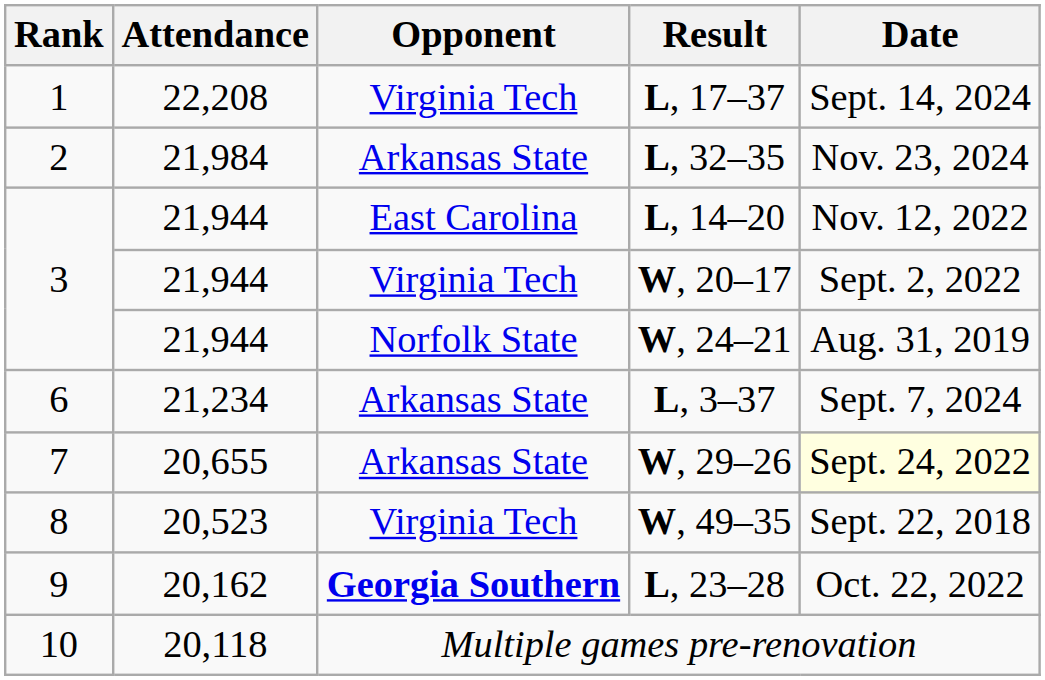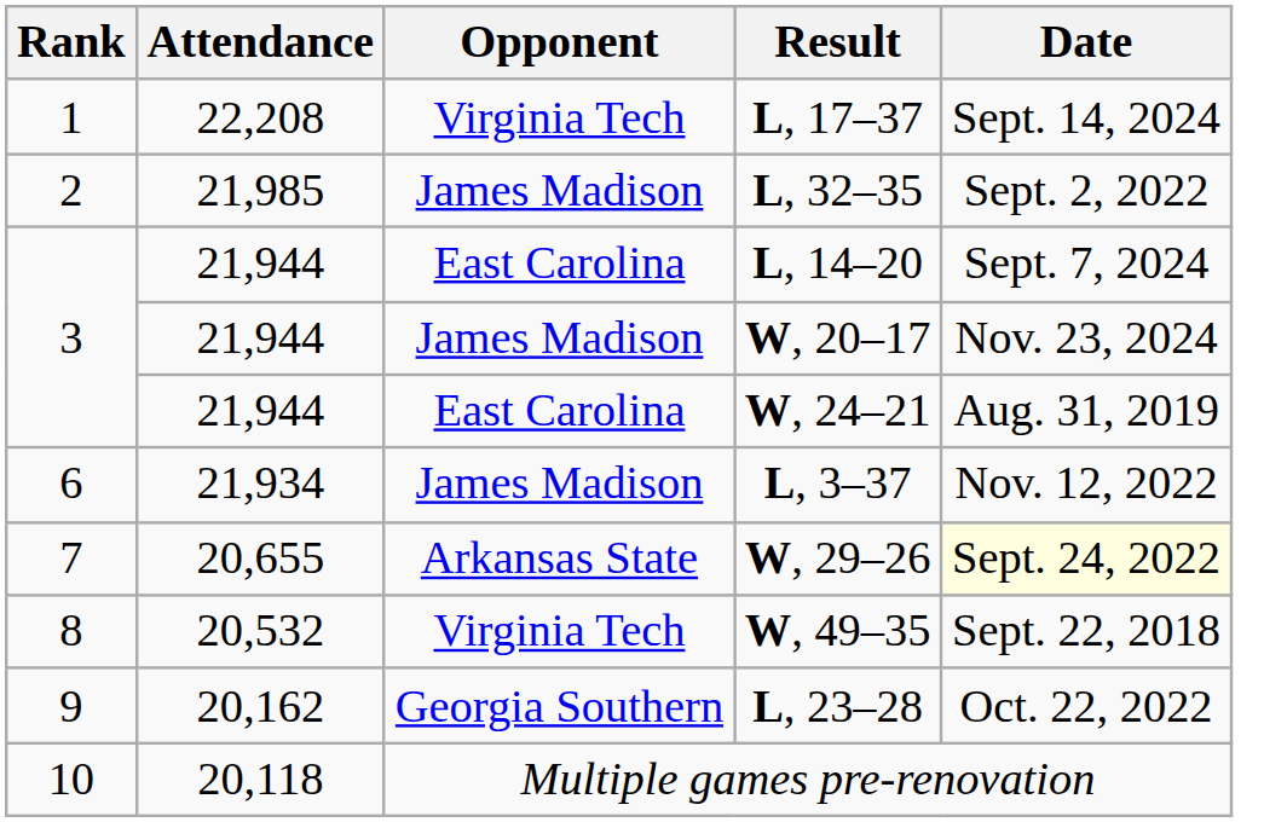 <table class=wikitable style="text-align:center">
 <tr>
 <th>Rank</th>
 <th>Attendance</th>
 <th>Opponent</th>
 <th>Result</th>
 <th>Date</th>
 </tr>
 <tr>
 <td>1</td>
 <td>22,208</td>
 <td><a href='#'>Virginia Tech</a></td>
 <td><strong>L</strong>, 17–37</td>
 <td>Sept. 14, 2024</td>
 </tr>
 <tr>
 <td>2</td>
-<td>21,984</td>
-<td><a href='#'>Arkansas State</a></td>
+<td>21,985</td>
+<td><a href='#'>James Madison</a></td>
 <td><strong>L</strong>, 32–35</td>
-<td>Nov. 23, 2024</td>
+<td>Sept. 2, 2022</td>
 </tr>
 <tr>
 <td rowspan="3">3</td>
 <td>21,944</td>
 <td><a href='#'>East Carolina</a></td>
 <td><strong>L</strong>, 14–20</td>
-<td>Nov. 12, 2022</td>
+<td>Sept. 7, 2024</td>
 </tr>
 <tr>
 <td>21,944</td>
-<td><a href='#'>Virginia Tech</a></td>
+<td><a href='#'>James Madison</a></td>
 <td><strong>W</strong>, 20–17</td>
-<td>Sept. 2, 2022</td>
+<td>Nov. 23, 2024</td>
 </tr>
 <tr>
 <td>21,944</td>
-<td><a href='#'>Norfolk State</a></td>
+<td><a href='#'>East Carolina</a></td>
 <td><strong>W</strong>, 24–21</td>
 <td>Aug. 31, 2019</td>
 </tr>
 <tr>
 <td>6</td>
-<td>21,234</td>
-<td><a href='#'>Arkansas State</a></td>
+<td>21,934</td>
+<td><a href='#'>James Madison</a></td>
 <td><strong>L</strong>, 3–37</td>
-<td>Sept. 7, 2024</td>
+<td>Nov. 12, 2022</td>
 </tr>
 <tr>
 <td>7</td>
 <td>20,655</td>
 <td><a href='#'>Arkansas State</a></td>
 <td><strong>W</strong>, 29–26</td>
 <td style="background: lightyellow;">Sept. 24, 2022</td>
 </tr>
 <tr>
 <td>8</td>
-<td>20,523</td>
+<td>20,532</td>
 <td><a href='#'>Virginia Tech</a></td>
 <td><strong>W</strong>, 49–35</td>
 <td>Sept. 22, 2018</td>
 </tr>
 <tr>
 <td>9</td>
 <td>20,162</td>
-<td><strong><a href='#'>Georgia Southern</a></strong></td>
+<td><a href='#'>Georgia Southern</a></td>
 <td><strong>L</strong>, 23–28</td>
 <td>Oct. 22, 2022</td>
 </tr>
 <tr>
 <td>10</td>
 <td>20,118</td>
 <td colspan=3><em>Multiple games pre-renovation</em></td>
 </tr>
 </table>
